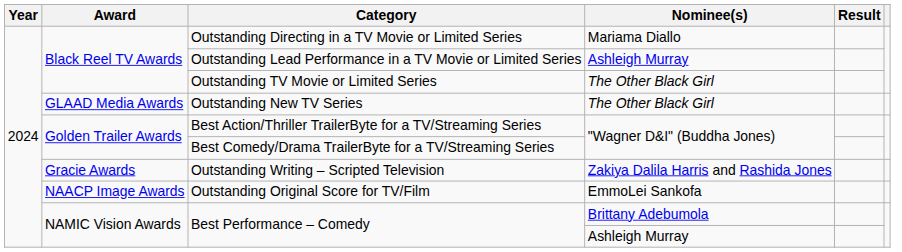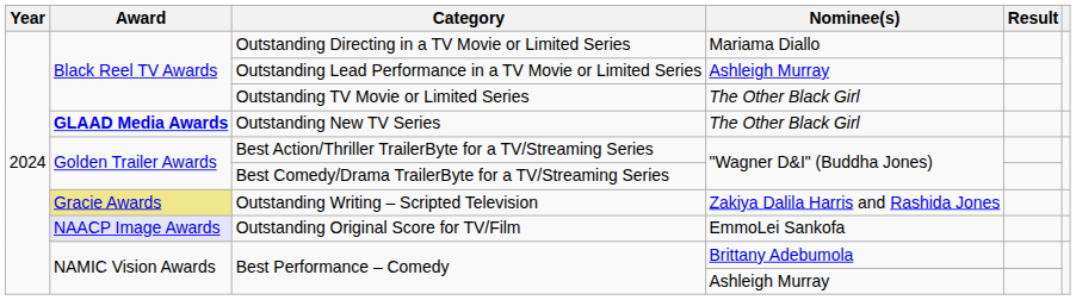 <table class="wikitable sortable">
 <tr>
 <th scope="col">Year</th>
 <th scope="col">Award</th>
 <th scope="col">Category</th>
 <th scope="col">Nominee(s)</th>
 <th scope="col">Result</th>
 <th scope="col" class="unsortable"></th>
 </tr>
 <tr>
 <td rowspan="10">2024</td>
 <td rowspan="3"><a href='#'>Black Reel TV Awards</a></td>
 <td>Outstanding Directing in a TV Movie or Limited Series</td>
 <td>Mariama Diallo </td>
 <td></td>
 <td align="center" rowspan="3"></td>
 </tr>
 <tr>
 <td>Outstanding Lead Performance in a TV Movie or Limited Series</td>
 <td><a href='#'>Ashleigh Murray</a></td>
 <td></td>
 </tr>
 <tr>
 <td>Outstanding TV Movie or Limited Series</td>
 <td><em>The Other Black Girl</em></td>
 <td></td>
 </tr>
 <tr>
-<td><a href='#'>GLAAD Media Awards</a></td>
+<td><strong><a href='#'>GLAAD Media Awards</a></strong></td>
 <td>Outstanding New TV Series</td>
 <td><em>The Other Black Girl</em></td>
 <td></td>
 <td align="center"></td>
 </tr>
 <tr>
 <td rowspan="2"><a href='#'>Golden Trailer Awards</a></td>
 <td>Best Action/Thriller TrailerByte for a TV/Streaming Series</td>
 <td rowspan="2">"Wagner D&I" (Buddha Jones)</td>
 <td></td>
 <td align="center" rowspan="2"></td>
 </tr>
 <tr>
 <td>Best Comedy/Drama TrailerByte for a TV/Streaming Series</td>
 <td></td>
 </tr>
 <tr>
-<td><a href='#'>Gracie Awards</a></td>
+<td style="background: khaki;"><a href='#'>Gracie Awards</a></td>
 <td>Outstanding Writing – Scripted Television</td>
 <td><a href='#'>Zakiya Dalila Harris</a> and <a href='#'>Rashida Jones</a></td>
 <td></td>
 <td align="center"></td>
 </tr>
 <tr>
-<td><a href='#'>NAACP Image Awards</a></td>
+<td style="background: lavender;"><a href='#'>NAACP Image Awards</a></td>
 <td>Outstanding Original Score for TV/Film</td>
 <td>EmmoLei Sankofa</td>
 <td></td>
 <td align="center"></td>
 </tr>
 <tr>
 <td rowspan="2">NAMIC Vision Awards</td>
 <td rowspan="2">Best Performance – Comedy</td>
 <td><a href='#'>Brittany Adebumola</a></td>
 <td></td>
 <td align="center" rowspan="2"><br></td>
 </tr>
 <tr>
 <td>Ashleigh Murray</td>
 <td></td>
 </tr>
 </table>
